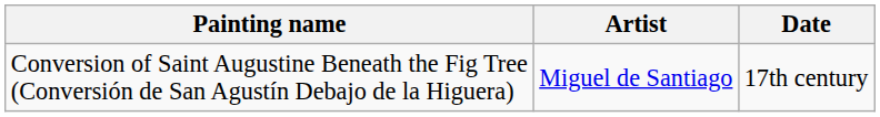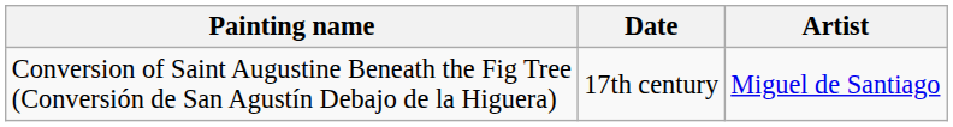 <table class="wikitable">
 <tr>
 <th>Painting name</th>
+<th>Date</th>
 <th>Artist</th>
-<th>Date</th>
 </tr>
 <tr>
 <td>Conversion of Saint Augustine Beneath the Fig Tree<br>(Conversión de San Agustín Debajo de la Higuera)</td>
+<td>17th century</td>
 <td><a href='#'>Miguel de Santiago</a></td>
-<td>17th century</td>
 </tr>
 </table>
